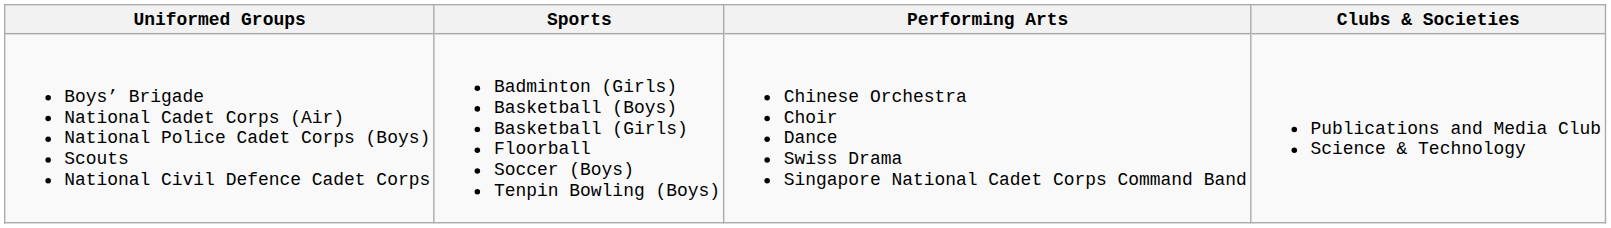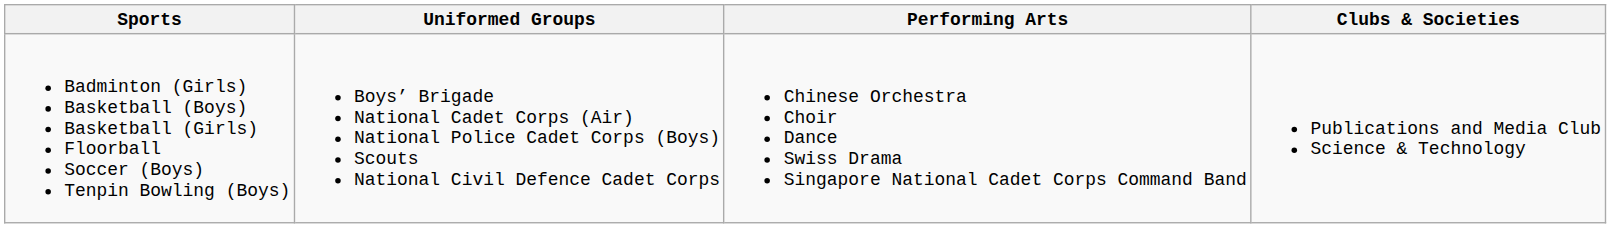 <table class="wikitable">
 <tr>
+<th>Sports</th>
 <th>Uniformed Groups</th>
-<th>Sports</th>
 <th>Performing Arts</th>
 <th>Clubs & Societies</th>
 </tr>
 <tr>
+<td><br><ul><li>Badminton (Girls)</li><li>Basketball (Boys)</li><li>Basketball (Girls)</li><li>Floorball</li><li>Soccer (Boys)</li><li>Tenpin Bowling (Boys)</li></ul></td>
 <td><br><ul><li>Boys’ Brigade</li><li>National Cadet Corps (Air)</li><li>National Police Cadet Corps (Boys)</li><li>Scouts</li><li>National Civil Defence Cadet Corps</li></ul></td>
-<td><br><ul><li>Badminton (Girls)</li><li>Basketball (Boys)</li><li>Basketball (Girls)</li><li>Floorball</li><li>Soccer (Boys)</li><li>Tenpin Bowling (Boys)</li></ul></td>
 <td><br><ul><li>Chinese Orchestra</li><li>Choir</li><li>Dance</li><li>Swiss Drama</li><li>Singapore National Cadet Corps Command Band</li></ul></td>
 <td><br><ul><li>Publications and Media Club</li><li>Science & Technology</li></ul></td>
 </tr>
 </table>
